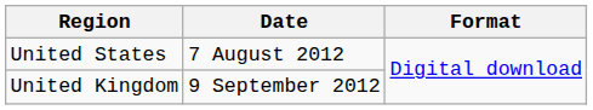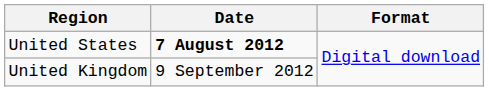 <table class="wikitable">
 <tr>
 <th scope="col">Region</th>
 <th scope="col">Date</th>
 <th scope="col">Format</th>
 </tr>
 <tr>
 <td>United States</td>
-<td>7 August 2012</td>
+<td><strong>7 August 2012</strong></td>
 <td rowspan="2"><a href='#'>Digital download</a></td>
 </tr>
 <tr>
 <td>United Kingdom</td>
 <td>9 September 2012</td>
 </tr>
 </table>
